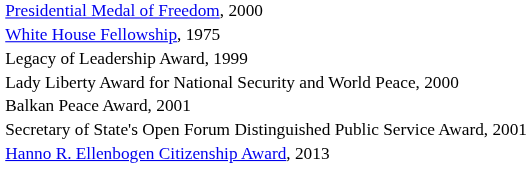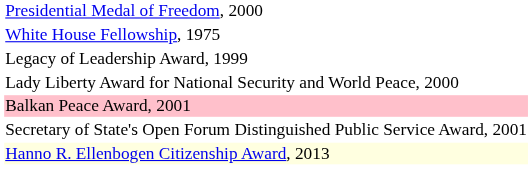 <table>
 <tr>
 <td> <a href='#'>Presidential Medal of Freedom</a>, 2000 </td>
 </tr>
 <tr>
 <td><a href='#'>White House Fellowship</a>, 1975 </td>
 </tr>
 <tr>
 <td>Legacy of Leadership Award, 1999 </td>
 </tr>
 <tr>
 <td>Lady Liberty Award for National Security and World Peace, 2000 </td>
 </tr>
 <tr>
-<td>Balkan Peace Award, 2001 </td>
+<td style="background: pink;">Balkan Peace Award, 2001 </td>
 </tr>
 <tr>
 <td>Secretary of State's Open Forum Distinguished Public Service Award, 2001 </td>
 </tr>
 <tr>
-<td><a href='#'>Hanno R. Ellenbogen Citizenship Award</a>, 2013 </td>
+<td style="background: lightyellow;"><a href='#'>Hanno R. Ellenbogen Citizenship Award</a>, 2013 </td>
 </tr>
 </table>
